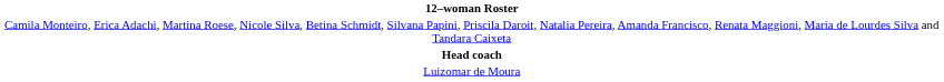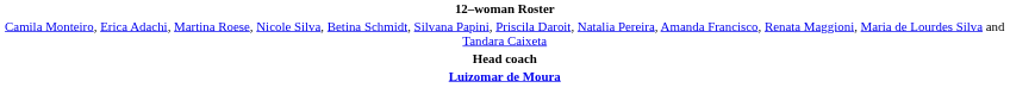 <table style="text-align: center; margin-top: 2em; margin-left: auto; margin-right: auto">
 <tr>
 <td><strong>12–woman Roster</strong></td>
 </tr>
 <tr>
 <td><a href='#'>Camila Monteiro</a>, <a href='#'>Erica Adachi</a>,  <a href='#'>Martina Roese</a>, <a href='#'>Nicole Silva</a>, <a href='#'>Betina Schmidt</a>, <a href='#'>Silvana Papini</a>, <a href='#'>Priscila Daroit</a>, <a href='#'>Natalia Pereira</a>, <a href='#'>Amanda Francisco</a>, <a href='#'>Renata Maggioni</a>, <a href='#'>Maria de Lourdes Silva</a> and <a href='#'>Tandara Caixeta</a></td>
 </tr>
 <tr>
 <td><strong>Head coach</strong></td>
 </tr>
 <tr>
-<td><a href='#'>Luizomar de Moura</a></td>
+<td><strong><a href='#'>Luizomar de Moura</a></strong></td>
 </tr>
 </table>
